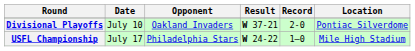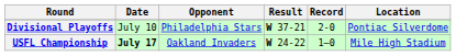 <table class="wikitable" style="text-align:center">
 <tr>
 <th>Round</th>
 <th>Date</th>
 <th>Opponent</th>
 <th>Result</th>
 <th>Record</th>
 <th>Location</th>
 </tr>
 <tr>
 </tr>
 <tr style="background:#cfc">
 <th><a href='#'>Divisional Playoffs</a></th>
 <td>July 10</td>
-<td><a href='#'>Oakland Invaders</a></td>
+<td><a href='#'>Philadelphia Stars</a></td>
 <td><strong>W</strong> 37-21</td>
 <td>2-0</td>
 <td><a href='#'>Pontiac Silverdome</a></td>
 </tr>
 <tr style="background:#cfc">
 <th><a href='#'>USFL Championship</a></th>
-<td>July 17</td>
-<td><a href='#'>Philadelphia Stars</a></td>
+<td><strong>July 17</strong></td>
+<td><a href='#'>Oakland Invaders</a></td>
 <td><strong>W</strong> 24-22</td>
 <td>1–0</td>
 <td><a href='#'>Mile High Stadium</a></td>
 </tr>
 </table>
